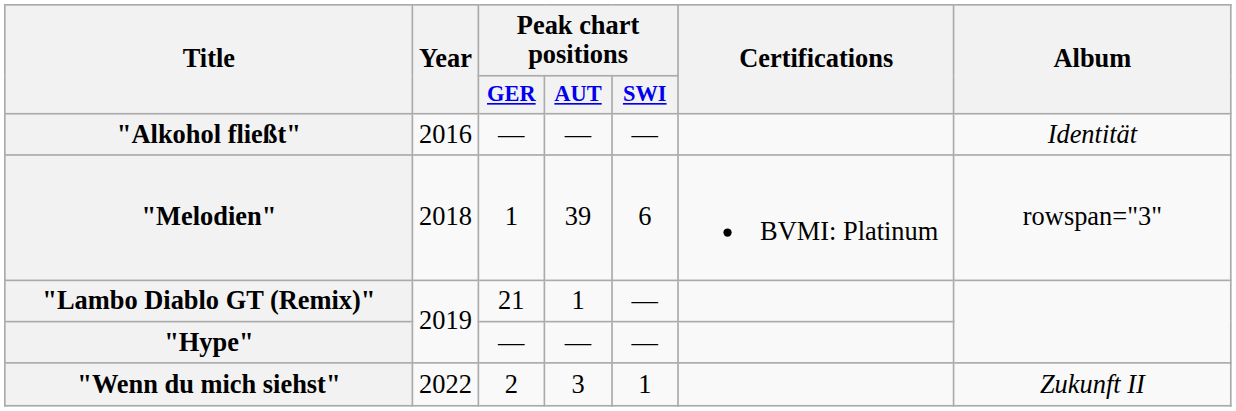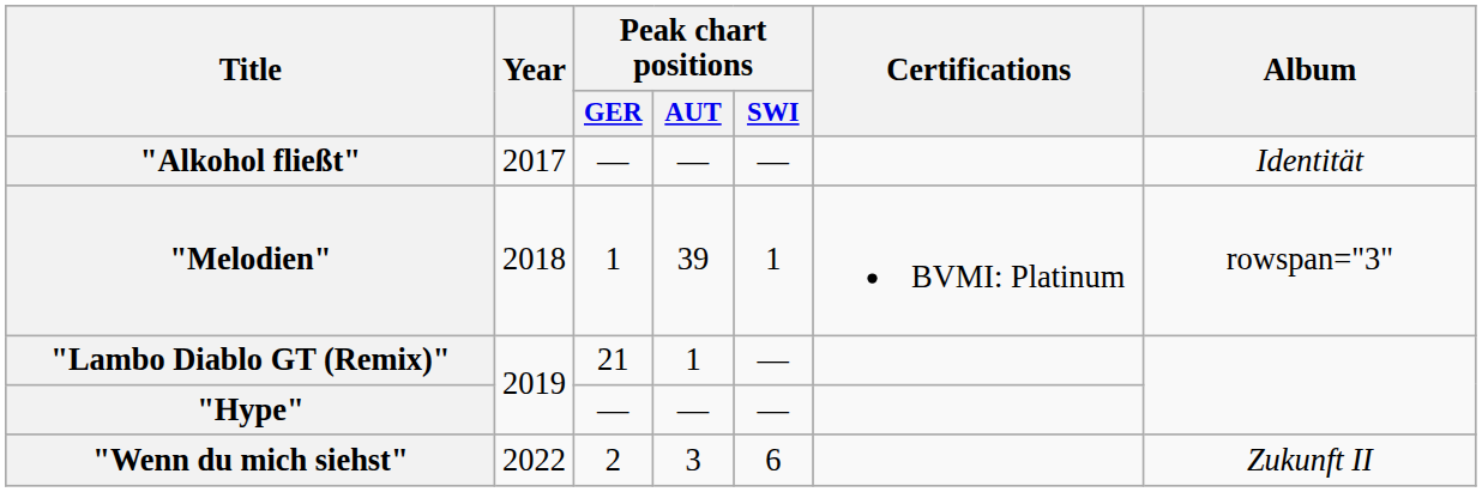 <table class="wikitable plainrowheaders" style="text-align:center;">
 <tr>
 <th scope="col" rowspan="2" style="width:15em;">Title</th>
 <th scope="col" rowspan="2" style="width:1em;">Year</th>
 <th scope="col" colspan="3">Peak chart positions</th>
 <th scope="col" rowspan="2" style="width:10em;">Certifications</th>
 <th scope="col" rowspan="2" style="width:10em;">Album</th>
 </tr>
 <tr>
 <th style="width:2.5em; font-size:85%"><a href='#'>GER</a><br></th>
 <th style="width:2.5em; font-size:85%"><a href='#'>AUT</a><br></th>
 <th style="width:2.5em; font-size:85%"><a href='#'>SWI</a><br></th>
 </tr>
 <tr>
 <th scope="row">"Alkohol fließt"<br></th>
-<td>2016</td>
+<td>2017</td>
 <td>—</td>
 <td>—</td>
 <td>—</td>
 <td></td>
 <td><em>Identität</em></td>
 </tr>
 <tr>
 <th scope="row">"Melodien"<br></th>
 <td>2018</td>
 <td>1</td>
 <td>39</td>
-<td>6</td>
+<td>1</td>
 <td><br><ul><li>BVMI: Platinum</li></ul></td>
 <td>rowspan="3" </td>
 </tr>
 <tr>
 <th scope="row">"Lambo Diablo GT (Remix)"<br></th>
 <td rowspan="2">2019</td>
 <td>21</td>
 <td>1</td>
 <td>—</td>
 <td></td>
 </tr>
 <tr>
 <th scope="row">"Hype"<br></th>
 <td>—</td>
 <td>—</td>
 <td>—</td>
 <td></td>
 </tr>
 <tr>
 <th scope="row">"Wenn du mich siehst"<br></th>
 <td>2022</td>
 <td>2</td>
 <td>3</td>
-<td>1</td>
+<td>6</td>
 <td></td>
 <td><em>Zukunft II</em></td>
 </tr>
 </table>
